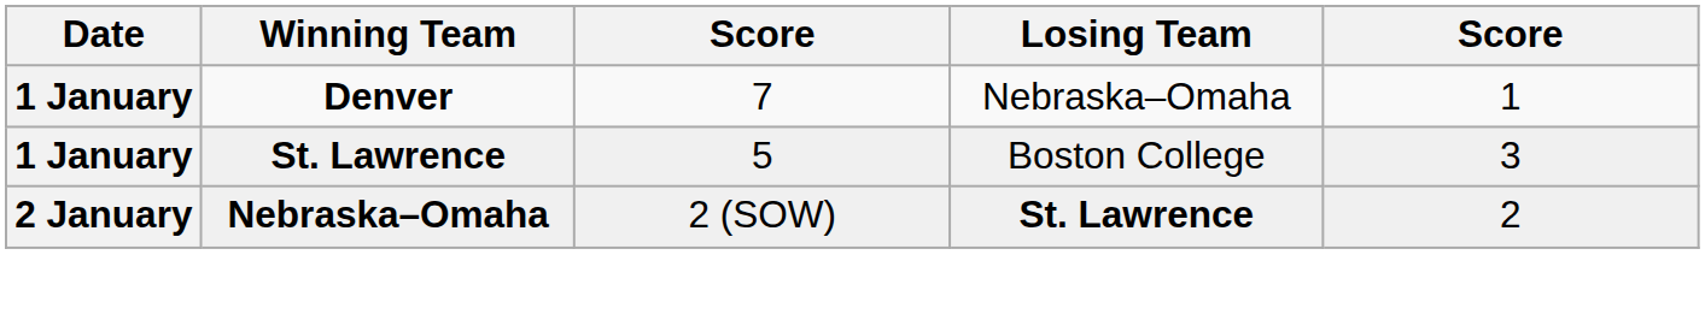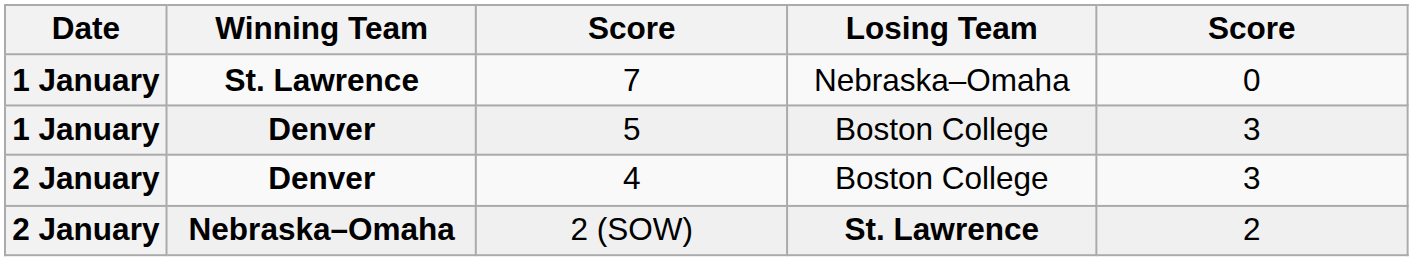 <table class="wikitable" style="text-align:center" cellpadding=2 cellspacing=2>
 <tr>
 <th>Date</th>
 <th scope="col" width="150">Winning Team</th>
 <th scope="col" width="150">Score</th>
 <th scope="col" width="150">Losing Team</th>
 <th scope="col" width="150">Score</th>
 </tr>
 <tr>
 <th>1 January</th>
-<td><strong>Denver</strong></td>
+<td><strong>St. Lawrence</strong></td>
 <td>7</td>
 <td>Nebraska–Omaha</td>
-<td>1</td>
+<td>0</td>
 </tr>
 <tr bgcolor=f0f0f0>
 <th>1 January</th>
-<td><strong>St. Lawrence</strong></td>
+<td><strong>Denver</strong></td>
 <td>5</td>
+<td>Boston College</td>
+<td>3</td>
+</tr>
+<tr>
+<th>2 January</th>
+<td><strong>Denver</strong></td>
+<td>4</td>
 <td>Boston College</td>
 <td>3</td>
 </tr>
 <tr bgcolor=f0f0f0>
 <th>2 January</th>
 <td><strong>Nebraska–Omaha</strong></td>
 <td>2 (SOW)</td>
 <td><strong>St. Lawrence</strong></td>
 <td>2</td>
 </tr>
 </table>
